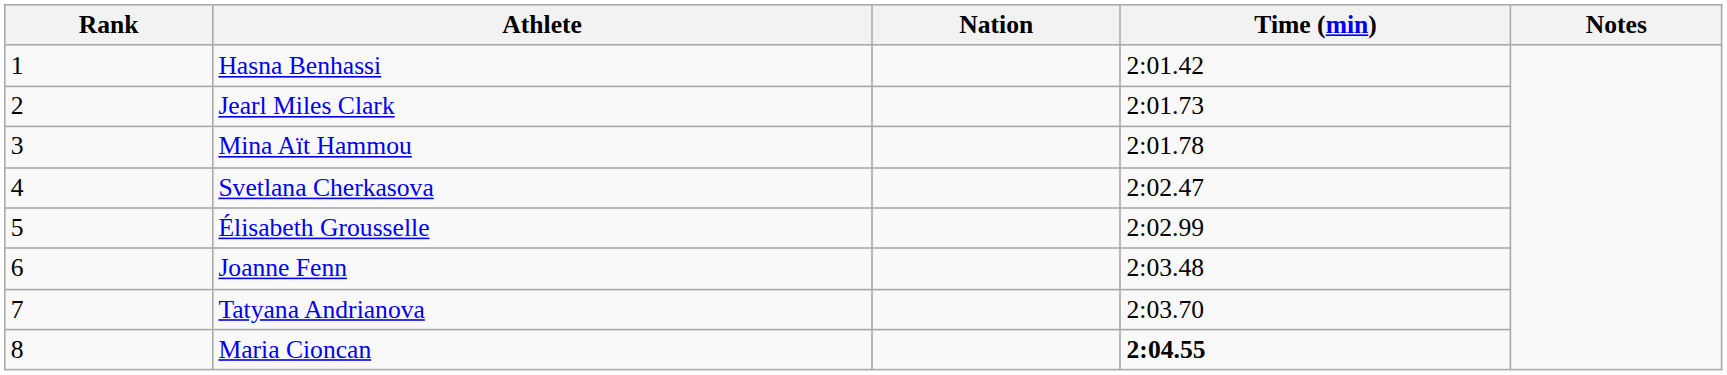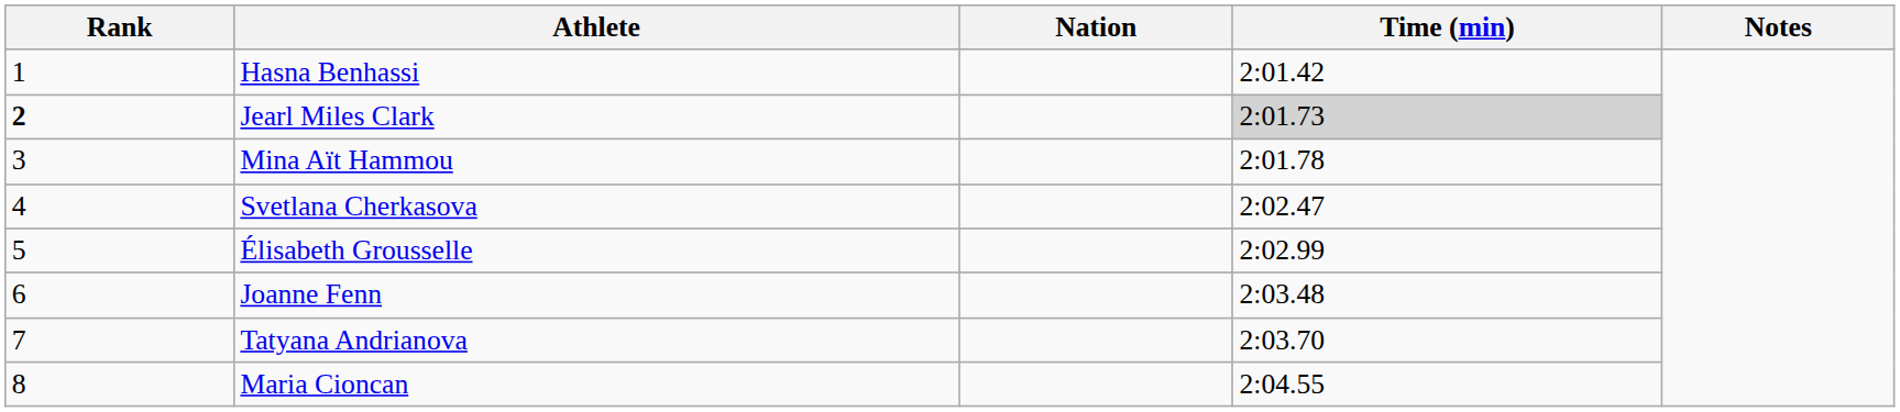 <table class="wikitable" style="text=align:center;" width=85%>
 <tr>
 <th>Rank</th>
 <th>Athlete</th>
 <th>Nation</th>
 <th>Time (<a href='#'>min</a>)</th>
 <th>Notes</th>
 </tr>
 <tr>
 <td>1</td>
 <td><a href='#'>Hasna Benhassi</a></td>
 <td></td>
 <td>2:01.42</td>
 </tr>
 <tr>
-<td>2</td>
+<td><strong>2</strong></td>
 <td><a href='#'>Jearl Miles Clark</a></td>
 <td></td>
-<td>2:01.73</td>
+<td style="background: lightgrey;">2:01.73</td>
 </tr>
 <tr>
 <td>3</td>
 <td><a href='#'>Mina Aït Hammou</a></td>
 <td></td>
 <td>2:01.78</td>
 </tr>
 <tr>
 <td>4</td>
 <td><a href='#'>Svetlana Cherkasova</a></td>
 <td></td>
 <td>2:02.47</td>
 </tr>
 <tr>
 <td>5</td>
 <td><a href='#'>Élisabeth Grousselle</a></td>
 <td></td>
 <td>2:02.99</td>
 </tr>
 <tr>
 <td>6</td>
 <td><a href='#'>Joanne Fenn</a></td>
 <td></td>
 <td>2:03.48</td>
 </tr>
 <tr>
 <td>7</td>
 <td><a href='#'>Tatyana Andrianova</a></td>
 <td></td>
 <td>2:03.70</td>
 </tr>
 <tr>
 <td>8</td>
 <td><a href='#'>Maria Cioncan</a></td>
 <td></td>
-<td><strong>2:04.55</strong></td>
+<td>2:04.55</td>
 </tr>
 </table>
